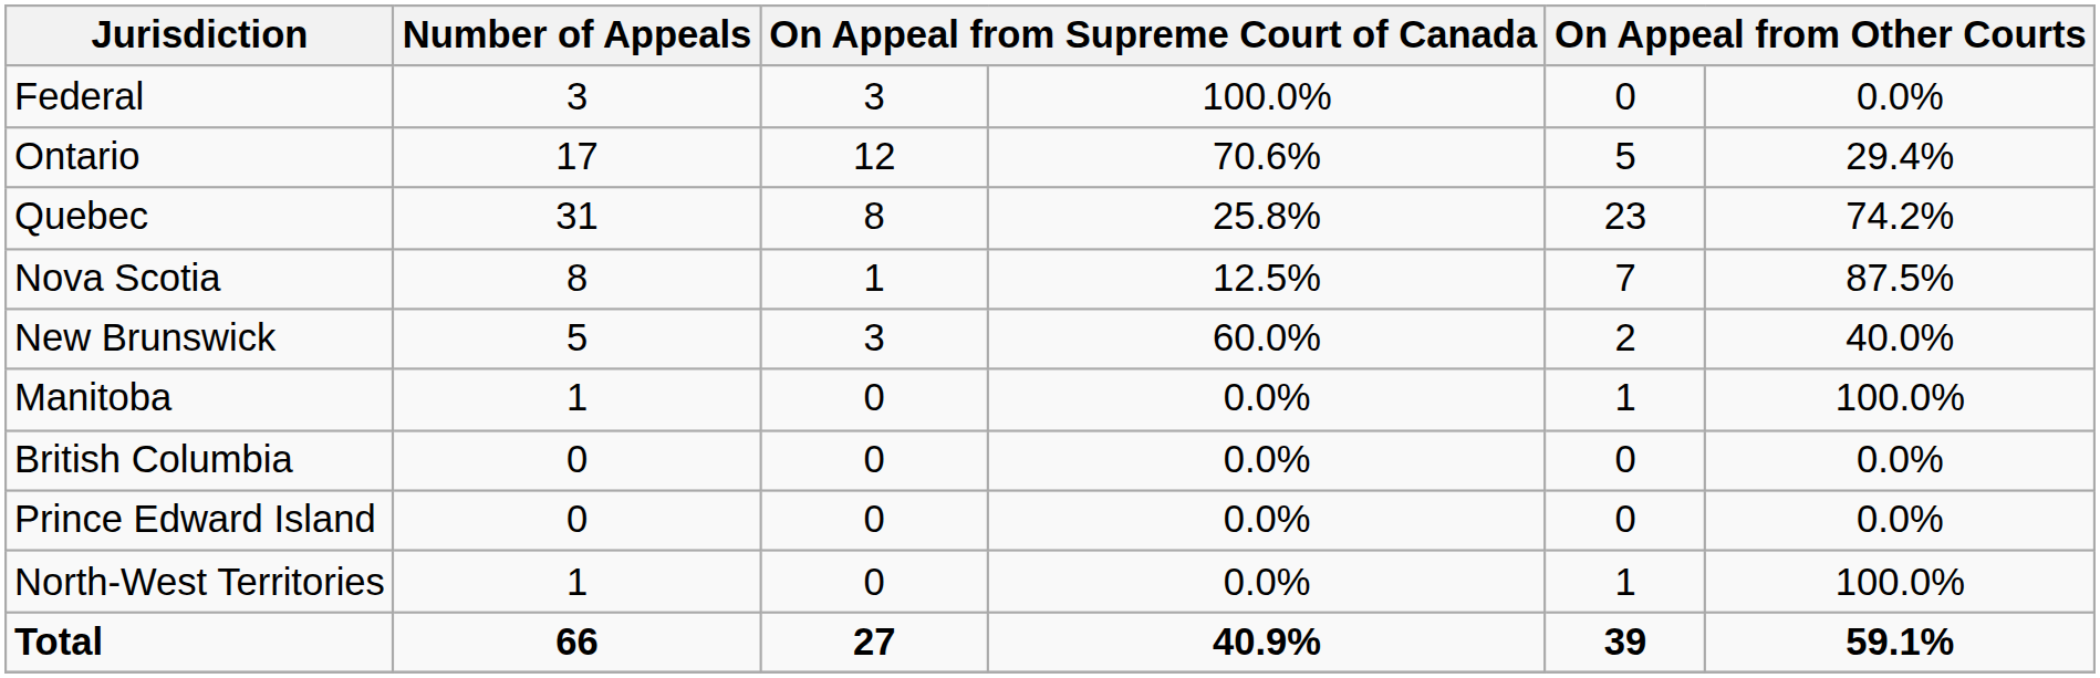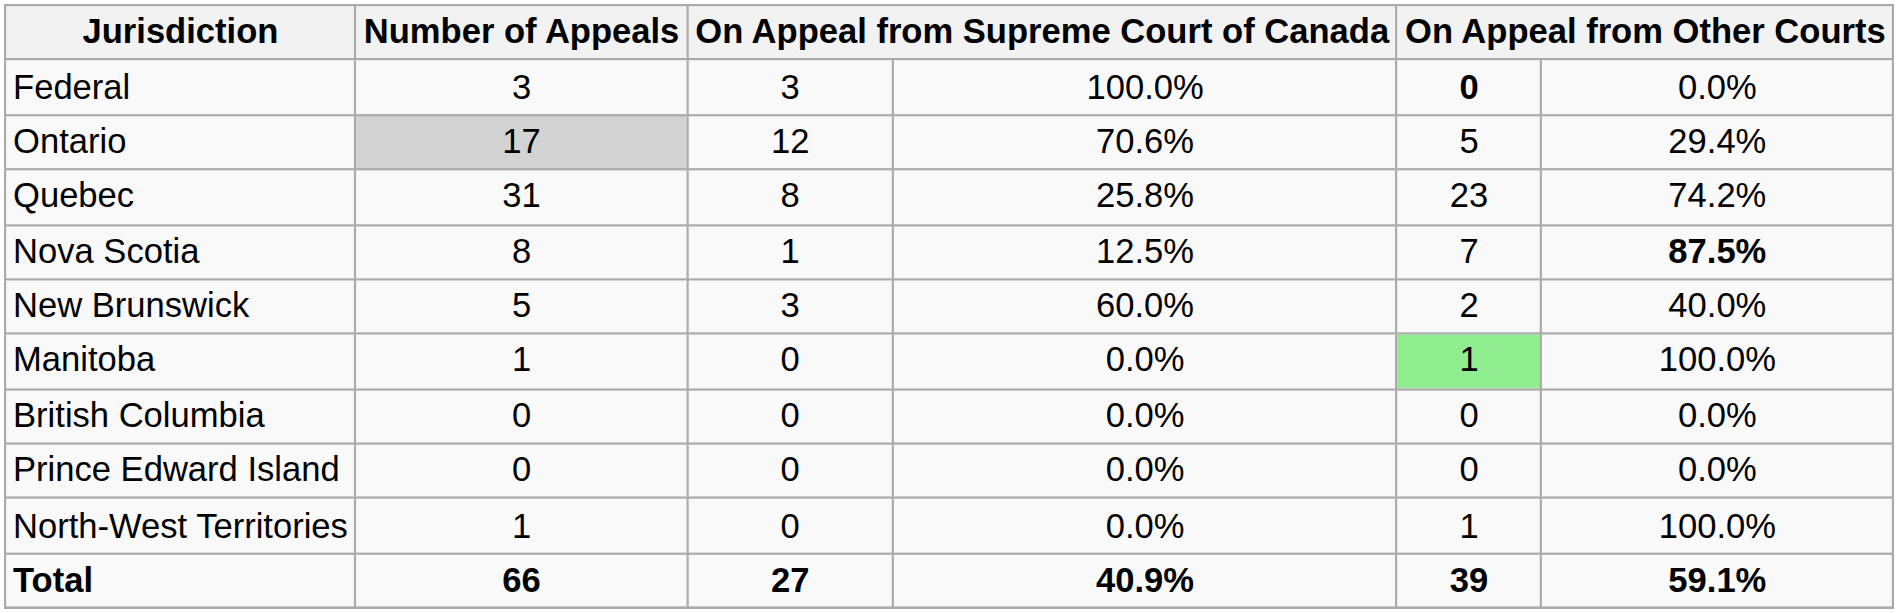 <table class="wikitable sortable">
 <tr>
 <th>Jurisdiction</th>
 <th>Number of Appeals</th>
 <th colspan="2">On Appeal from Supreme Court of Canada</th>
 <th colspan="2">On Appeal from Other Courts</th>
 </tr>
 <tr>
 <td>Federal</td>
 <td style="text-align: center;">3</td>
 <td style="text-align: center;">3</td>
 <td style="text-align: center;">100.0%</td>
-<td style="text-align: center;">0</td>
+<td style="text-align: center;"><strong>0</strong></td>
 <td style="text-align: center;">0.0%</td>
 </tr>
 <tr>
 <td>Ontario</td>
-<td style="text-align: center;">17</td>
+<td style="background: lightgrey; text-align: center;">17</td>
 <td style="text-align: center;">12</td>
 <td style="text-align: center;">70.6%</td>
 <td style="text-align: center;">5</td>
 <td style="text-align: center;">29.4%</td>
 </tr>
 <tr>
 <td>Quebec</td>
 <td style="text-align: center;">31</td>
 <td style="text-align: center;">8</td>
 <td style="text-align: center;">25.8%</td>
 <td style="text-align: center;">23</td>
 <td style="text-align: center;">74.2%</td>
 </tr>
 <tr>
 <td>Nova Scotia</td>
 <td style="text-align: center;">8</td>
 <td style="text-align: center;">1</td>
 <td style="text-align: center;">12.5%</td>
 <td style="text-align: center;">7</td>
-<td style="text-align: center;">87.5%</td>
+<td style="text-align: center;"><strong>87.5%</strong></td>
 </tr>
 <tr>
 <td>New Brunswick</td>
 <td style="text-align: center;">5</td>
 <td style="text-align: center;">3</td>
 <td style="text-align: center;">60.0%</td>
 <td style="text-align: center;">2</td>
 <td style="text-align: center;">40.0%</td>
 </tr>
 <tr>
 <td>Manitoba</td>
 <td style="text-align: center;">1</td>
 <td style="text-align: center;">0</td>
 <td style="text-align: center;">0.0%</td>
-<td style="text-align: center;">1</td>
+<td style="background: lightgreen; text-align: center;">1</td>
 <td style="text-align: center;">100.0%</td>
 </tr>
 <tr>
 <td>British Columbia</td>
 <td style="text-align: center;">0</td>
 <td style="text-align: center;">0</td>
 <td style="text-align: center;">0.0%</td>
 <td style="text-align: center;">0</td>
 <td style="text-align: center;">0.0%</td>
 </tr>
 <tr>
 <td>Prince Edward Island</td>
 <td style="text-align: center;">0</td>
 <td style="text-align: center;">0</td>
 <td style="text-align: center;">0.0%</td>
 <td style="text-align: center;">0</td>
 <td style="text-align: center;">0.0%</td>
 </tr>
 <tr>
 <td>North-West Territories</td>
 <td style="text-align: center;">1</td>
 <td style="text-align: center;">0</td>
 <td style="text-align: center;">0.0%</td>
 <td style="text-align: center;">1</td>
 <td style="text-align: center;">100.0%</td>
 </tr>
 <tr>
 <td><strong>Total</strong></td>
 <td style="text-align: center;"><strong>66</strong></td>
 <td style="text-align: center;"><strong>27</strong></td>
 <td style="text-align: center;"><strong>40.9%</strong></td>
 <td style="text-align: center;"><strong>39</strong></td>
 <td style="text-align: center;"><strong>59.1%</strong></td>
 </tr>
 <tr>
 </tr>
 </table>
